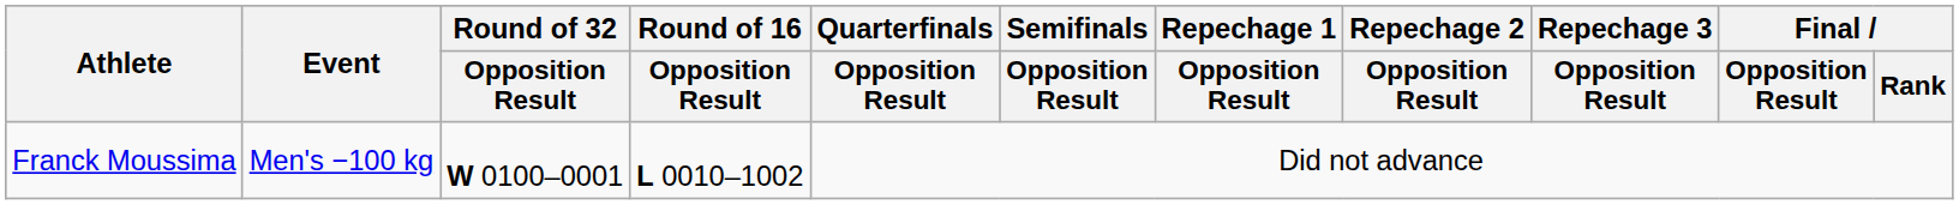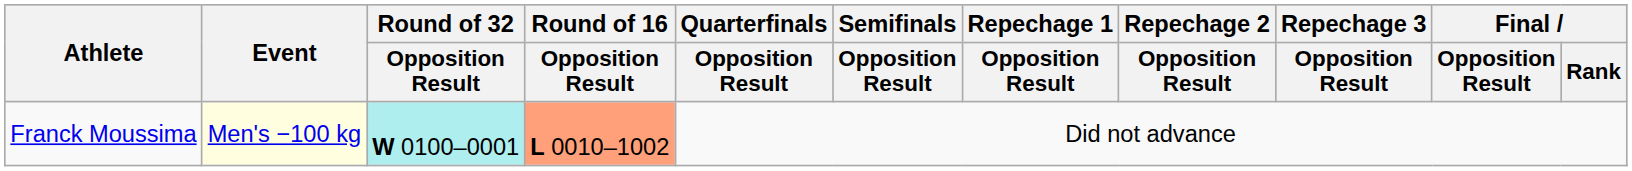 <table class="wikitable" style="font-size:90%">
 <tr>
 <th rowspan="2">Athlete</th>
 <th rowspan="2">Event</th>
 <th>Round of 32</th>
 <th>Round of 16</th>
 <th>Quarterfinals</th>
 <th>Semifinals</th>
 <th>Repechage 1</th>
 <th>Repechage 2</th>
 <th>Repechage 3</th>
 <th colspan=2>Final / </th>
 </tr>
 <tr style="font-size:95%">
 <th>Opposition<br>Result</th>
 <th>Opposition<br>Result</th>
 <th>Opposition<br>Result</th>
 <th>Opposition<br>Result</th>
 <th>Opposition<br>Result</th>
 <th>Opposition<br>Result</th>
 <th>Opposition<br>Result</th>
 <th>Opposition<br>Result</th>
 <th>Rank</th>
 </tr>
 <tr align=center>
 <td align=left><a href='#'>Franck Moussima</a></td>
-<td align=left><a href='#'>Men's −100 kg</a></td>
-<td><br><strong>W</strong> 0100–0001</td>
-<td><br><strong>L</strong> 0010–1002</td>
+<td align=left style="background: lightyellow;"><a href='#'>Men's −100 kg</a></td>
+<td style="background: paleturquoise;"><br><strong>W</strong> 0100–0001</td>
+<td style="background: lightsalmon;"><br><strong>L</strong> 0010–1002</td>
 <td colspan=7>Did not advance</td>
 </tr>
 </table>
